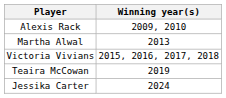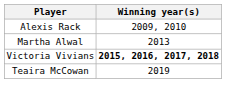 <table class="wikitable" style="background:white; min-width:20%">
 <tr>
 <th>Player</th>
 <th>Winning year(s)</th>
 </tr>
 <tr align="center">
 <td>Alexis Rack</td>
 <td>2009, 2010</td>
 </tr>
 <tr align="center">
 <td>Martha Alwal</td>
 <td>2013</td>
 </tr>
 <tr align="center">
 <td>Victoria Vivians</td>
-<td>2015, 2016, 2017, 2018</td>
+<td><strong>2015, 2016, 2017, 2018</strong></td>
 </tr>
 <tr align="center">
 <td>Teaira McCowan</td>
 <td>2019</td>
 </tr>
-<tr align="center">
-<td>Jessika Carter</td>
-<td>2024</td>
-</tr>
 </table>
